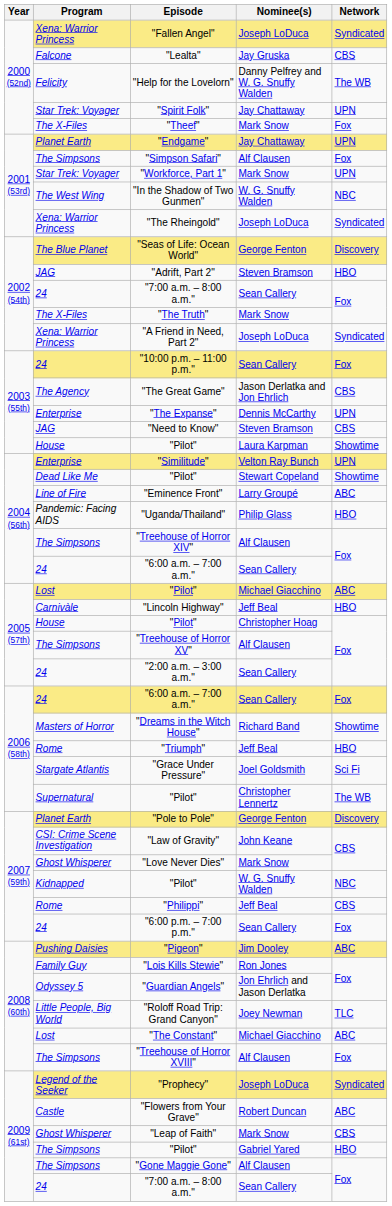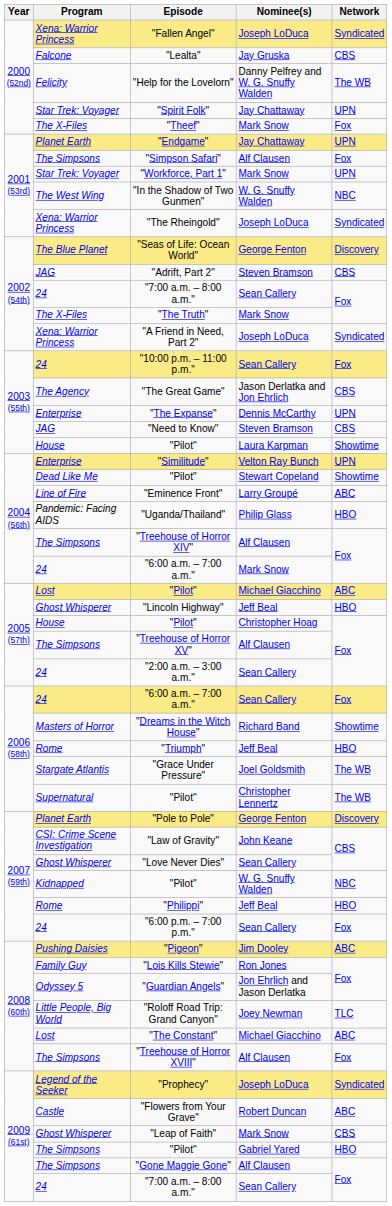 <table class="wikitable">
 <tr>
 <th width="5%">Year</th>
 <th width="30%">Program</th>
 <th width="30%">Episode</th>
 <th width="30%">Nominee(s)</th>
 <th width="5%">Network</th>
 </tr>
 <tr>
 <td rowspan="5" style="text-align:center;"><a href='#'>2000</a><br><small><a href='#'>(52nd)</a></small></td>
 <td style="background:#FAEB86;"><em><a href='#'>Xena: Warrior Princess</a></em></td>
 <td style="background:#FAEB86;" align=center>"Fallen Angel"</td>
 <td style="background:#FAEB86;"><a href='#'>Joseph LoDuca</a></td>
 <td style="background:#FAEB86;"><a href='#'>Syndicated</a></td>
 </tr>
 <tr>
 <td><em><a href='#'>Falcone</a></em></td>
 <td align=center>"Lealta"</td>
 <td><a href='#'>Jay Gruska</a></td>
 <td><a href='#'>CBS</a></td>
 </tr>
 <tr>
 <td><em><a href='#'>Felicity</a></em></td>
 <td align=center>"Help for the Lovelorn"</td>
 <td>Danny Pelfrey and <a href='#'>W. G. Snuffy Walden</a></td>
 <td><a href='#'>The WB</a></td>
 </tr>
 <tr>
 <td><em><a href='#'>Star Trek: Voyager</a></em></td>
 <td align=center>"<a href='#'>Spirit Folk</a>"</td>
 <td><a href='#'>Jay Chattaway</a></td>
 <td><a href='#'>UPN</a></td>
 </tr>
 <tr>
 <td><em><a href='#'>The X-Files</a></em></td>
 <td align=center>"<a href='#'>Theef</a>"</td>
 <td><a href='#'>Mark Snow</a></td>
 <td><a href='#'>Fox</a></td>
 </tr>
 <tr>
 <td rowspan="5" style="text-align:center;"><a href='#'>2001</a><br><small><a href='#'>(53rd)</a></small></td>
 <td style="background:#FAEB86;"><em><a href='#'>Planet Earth</a></em></td>
 <td style="background:#FAEB86;" align=center>"<a href='#'>Endgame</a>"</td>
 <td style="background:#FAEB86;"><a href='#'>Jay Chattaway</a></td>
 <td style="background:#FAEB86;"><a href='#'>UPN</a></td>
 </tr>
 <tr>
 <td><em><a href='#'>The Simpsons</a></em></td>
 <td align=center>"<a href='#'>Simpson Safari</a>"</td>
 <td><a href='#'>Alf Clausen</a></td>
 <td><a href='#'>Fox</a></td>
 </tr>
 <tr>
 <td><em><a href='#'>Star Trek: Voyager</a></em></td>
 <td align=center>"<a href='#'>Workforce, Part 1</a>"</td>
 <td><a href='#'>Mark Snow</a></td>
 <td><a href='#'>UPN</a></td>
 </tr>
 <tr>
 <td><em><a href='#'>The West Wing</a></em></td>
 <td align=center>"In the Shadow of Two Gunmen"</td>
 <td><a href='#'>W. G. Snuffy Walden</a></td>
 <td><a href='#'>NBC</a></td>
 </tr>
 <tr>
 <td><em><a href='#'>Xena: Warrior Princess</a></em></td>
 <td align=center>"The Rheingold"</td>
 <td><a href='#'>Joseph LoDuca</a></td>
 <td><a href='#'>Syndicated</a></td>
 </tr>
 <tr>
 <td rowspan="5" style="text-align:center;"><a href='#'>2002</a><br><small><a href='#'>(54th)</a></small></td>
 <td style="background:#FAEB86;"><em><a href='#'>The Blue Planet</a></em></td>
 <td style="background:#FAEB86;" align=center>"Seas of Life: Ocean World"</td>
 <td style="background:#FAEB86;"><a href='#'>George Fenton</a></td>
 <td style="background:#FAEB86;"><a href='#'>Discovery</a></td>
 </tr>
 <tr>
 <td><em><a href='#'>JAG</a></em></td>
 <td align=center>"Adrift, Part 2"</td>
 <td><a href='#'>Steven Bramson</a></td>
-<td><a href='#'>HBO</a></td>
+<td><a href='#'>CBS</a></td>
 </tr>
 <tr>
 <td><em><a href='#'>24</a></em></td>
 <td align=center>"7:00 a.m. – 8:00 a.m."</td>
 <td><a href='#'>Sean Callery</a></td>
 <td rowspan=2><a href='#'>Fox</a></td>
 </tr>
 <tr>
 <td><em><a href='#'>The X-Files</a></em></td>
 <td align=center>"<a href='#'>The Truth</a>"</td>
 <td><a href='#'>Mark Snow</a></td>
 </tr>
 <tr>
 <td><em><a href='#'>Xena: Warrior Princess</a></em></td>
 <td align=center>"A Friend in Need, Part 2"</td>
 <td><a href='#'>Joseph LoDuca</a></td>
 <td><a href='#'>Syndicated</a></td>
 </tr>
 <tr>
 <td rowspan="5" style="text-align:center;"><a href='#'>2003</a><br><small><a href='#'>(55th)</a></small></td>
 <td style="background:#FAEB86;"><em><a href='#'>24</a></em></td>
 <td style="background:#FAEB86;" align=center>"10:00 p.m. – 11:00 p.m."</td>
 <td style="background:#FAEB86;"><a href='#'>Sean Callery</a></td>
 <td style="background:#FAEB86;"><a href='#'>Fox</a></td>
 </tr>
 <tr>
 <td><em><a href='#'>The Agency</a></em></td>
 <td align=center>"The Great Game"</td>
 <td>Jason Derlatka and <a href='#'>Jon Ehrlich</a></td>
 <td><a href='#'>CBS</a></td>
 </tr>
 <tr>
 <td><em><a href='#'>Enterprise</a></em></td>
 <td align=center>"<a href='#'>The Expanse</a>"</td>
 <td><a href='#'>Dennis McCarthy</a></td>
 <td><a href='#'>UPN</a></td>
 </tr>
 <tr>
 <td><em><a href='#'>JAG</a></em></td>
 <td align=center>"Need to Know"</td>
 <td><a href='#'>Steven Bramson</a></td>
 <td><a href='#'>CBS</a></td>
 </tr>
 <tr>
 <td><em><a href='#'>House</a></em></td>
 <td align=center>"Pilot"</td>
 <td><a href='#'>Laura Karpman</a></td>
 <td><a href='#'>Showtime</a></td>
 </tr>
 <tr>
 <td rowspan="6" style="text-align:center;"><a href='#'>2004</a><br><small><a href='#'>(56th)</a></small></td>
 <td style="background:#FAEB86;"><em><a href='#'>Enterprise</a></em></td>
 <td style="background:#FAEB86;" align=center>"<a href='#'>Similitude</a>"</td>
 <td style="background:#FAEB86;"><a href='#'>Velton Ray Bunch</a></td>
 <td style="background:#FAEB86;"><a href='#'>UPN</a></td>
 </tr>
 <tr>
 <td><em><a href='#'>Dead Like Me</a></em></td>
 <td align=center>"Pilot"</td>
 <td><a href='#'>Stewart Copeland</a></td>
 <td><a href='#'>Showtime</a></td>
 </tr>
 <tr>
 <td><em><a href='#'>Line of Fire</a></em></td>
 <td align=center>"Eminence Front"</td>
 <td><a href='#'>Larry Groupé</a></td>
 <td><a href='#'>ABC</a></td>
 </tr>
 <tr>
 <td><em>Pandemic: Facing AIDS</em></td>
 <td align=center>"Uganda/Thailand"</td>
 <td><a href='#'>Philip Glass</a></td>
 <td><a href='#'>HBO</a></td>
 </tr>
 <tr>
 <td><em><a href='#'>The Simpsons</a></em></td>
 <td align=center>"<a href='#'>Treehouse of Horror XIV</a>"</td>
 <td><a href='#'>Alf Clausen</a></td>
 <td rowspan=2><a href='#'>Fox</a></td>
 </tr>
 <tr>
 <td><em><a href='#'>24</a></em></td>
 <td align=center>"6:00 a.m. – 7:00 a.m."</td>
-<td><a href='#'>Sean Callery</a></td>
+<td><a href='#'>Mark Snow</a></td>
 </tr>
 <tr>
 <td rowspan="5" style="text-align:center;"><a href='#'>2005</a><br><small><a href='#'>(57th)</a></small></td>
 <td style="background:#FAEB86;"><em><a href='#'>Lost</a></em></td>
 <td style="background:#FAEB86;" align=center>"<a href='#'>Pilot</a>"</td>
 <td style="background:#FAEB86;"><a href='#'>Michael Giacchino</a></td>
 <td style="background:#FAEB86;"><a href='#'>ABC</a></td>
 </tr>
 <tr>
-<td><em><a href='#'>Carnivàle</a></em></td>
+<td><em><a href='#'>Ghost Whisperer</a></em></td>
 <td align=center>"Lincoln Highway"</td>
 <td><a href='#'>Jeff Beal</a></td>
 <td><a href='#'>HBO</a></td>
 </tr>
 <tr>
 <td><em><a href='#'>House</a></em></td>
 <td align=center>"<a href='#'>Pilot</a>"</td>
 <td><a href='#'>Christopher Hoag</a></td>
 <td rowspan=3><a href='#'>Fox</a></td>
 </tr>
 <tr>
 <td><em><a href='#'>The Simpsons</a></em></td>
 <td align=center>"<a href='#'>Treehouse of Horror XV</a>"</td>
 <td><a href='#'>Alf Clausen</a></td>
 </tr>
 <tr>
 <td><em><a href='#'>24</a></em></td>
 <td align=center>"2:00 a.m. – 3:00 a.m."</td>
 <td><a href='#'>Sean Callery</a></td>
 </tr>
 <tr>
 <td rowspan="5" style="text-align:center;"><a href='#'>2006</a><br><small><a href='#'>(58th)</a></small></td>
 <td style="background:#FAEB86;"><em><a href='#'>24</a></em></td>
 <td style="background:#FAEB86;" align=center>"6:00 a.m. – 7:00 a.m."</td>
 <td style="background:#FAEB86;"><a href='#'>Sean Callery</a></td>
 <td style="background:#FAEB86;"><a href='#'>Fox</a></td>
 </tr>
 <tr>
 <td><em><a href='#'>Masters of Horror</a></em></td>
 <td align=center>"<a href='#'>Dreams in the Witch House</a>"</td>
 <td><a href='#'>Richard Band</a></td>
 <td><a href='#'>Showtime</a></td>
 </tr>
 <tr>
 <td><em><a href='#'>Rome</a></em></td>
 <td align=center>"<a href='#'>Triumph</a>"</td>
 <td><a href='#'>Jeff Beal</a></td>
 <td><a href='#'>HBO</a></td>
 </tr>
 <tr>
 <td><em><a href='#'>Stargate Atlantis</a></em></td>
 <td align=center>"Grace Under Pressure"</td>
 <td><a href='#'>Joel Goldsmith</a></td>
-<td><a href='#'>Sci Fi</a></td>
+<td><a href='#'>The WB</a></td>
 </tr>
 <tr>
 <td><em><a href='#'>Supernatural</a></em></td>
 <td align=center>"Pilot"</td>
 <td><a href='#'>Christopher Lennertz</a></td>
 <td><a href='#'>The WB</a></td>
 </tr>
 <tr>
 <td rowspan="6" style="text-align:center;"><a href='#'>2007</a><br><small><a href='#'>(59th)</a></small></td>
 <td style="background:#FAEB86;"><em><a href='#'>Planet Earth</a></em></td>
 <td style="background:#FAEB86;" align=center>"Pole to Pole"</td>
 <td style="background:#FAEB86;"><a href='#'>George Fenton</a></td>
 <td style="background:#FAEB86;"><a href='#'>Discovery</a></td>
 </tr>
 <tr>
 <td><em><a href='#'>CSI: Crime Scene Investigation</a></em></td>
 <td align=center>"Law of Gravity"</td>
 <td><a href='#'>John Keane</a></td>
 <td rowspan=2><a href='#'>CBS</a></td>
 </tr>
 <tr>
 <td><em><a href='#'>Ghost Whisperer</a></em></td>
 <td align=center>"Love Never Dies"</td>
-<td><a href='#'>Mark Snow</a></td>
+<td><a href='#'>Sean Callery</a></td>
 </tr>
 <tr>
 <td><em><a href='#'>Kidnapped</a></em></td>
 <td align=center>"Pilot"</td>
 <td><a href='#'>W. G. Snuffy Walden</a></td>
 <td><a href='#'>NBC</a></td>
 </tr>
 <tr>
 <td><em><a href='#'>Rome</a></em></td>
 <td align=center>"<a href='#'>Philippi</a>"</td>
 <td><a href='#'>Jeff Beal</a></td>
-<td><a href='#'>CBS</a></td>
+<td><a href='#'>HBO</a></td>
 </tr>
 <tr>
 <td><em><a href='#'>24</a></em></td>
 <td align=center>"6:00 p.m. – 7:00 p.m."</td>
 <td><a href='#'>Sean Callery</a></td>
 <td><a href='#'>Fox</a></td>
 </tr>
 <tr>
 <td rowspan="6" style="text-align:center;"><a href='#'>2008</a><br><small><a href='#'>(60th)</a></small></td>
 <td style="background:#FAEB86;"><em><a href='#'>Pushing Daisies</a></em></td>
 <td style="background:#FAEB86;" align=center>"<a href='#'>Pigeon</a>"</td>
 <td style="background:#FAEB86;"><a href='#'>Jim Dooley</a></td>
 <td style="background:#FAEB86;"><a href='#'>ABC</a></td>
 </tr>
 <tr>
 <td><em><a href='#'>Family Guy</a></em></td>
 <td align=center>"<a href='#'>Lois Kills Stewie</a>"</td>
 <td><a href='#'>Ron Jones</a></td>
 <td rowspan=2><a href='#'>Fox</a></td>
 </tr>
 <tr>
 <td><em><a href='#'>Odyssey 5</a></em></td>
 <td align=center>"<a href='#'>Guardian Angels</a>"</td>
 <td><a href='#'>Jon Ehrlich</a> and Jason Derlatka</td>
 </tr>
 <tr>
 <td><em><a href='#'>Little People, Big World</a></em></td>
 <td align=center>"Roloff Road Trip: Grand Canyon"</td>
 <td><a href='#'>Joey Newman</a></td>
 <td><a href='#'>TLC</a></td>
 </tr>
 <tr>
 <td><em><a href='#'>Lost</a></em></td>
 <td align=center>"<a href='#'>The Constant</a>"</td>
 <td><a href='#'>Michael Giacchino</a></td>
 <td><a href='#'>ABC</a></td>
 </tr>
 <tr>
 <td><em><a href='#'>The Simpsons</a></em></td>
 <td align=center>"<a href='#'>Treehouse of Horror XVIII</a>"</td>
 <td><a href='#'>Alf Clausen</a></td>
 <td><a href='#'>Fox</a></td>
 </tr>
 <tr>
 <td rowspan="6" style="text-align:center;"><a href='#'>2009</a><br><small><a href='#'>(61st)</a></small></td>
 <td style="background:#FAEB86;"><em><a href='#'>Legend of the Seeker</a></em></td>
 <td style="background:#FAEB86;" align=center>"Prophecy"</td>
 <td style="background:#FAEB86;"><a href='#'>Joseph LoDuca</a></td>
 <td style="background:#FAEB86;"><a href='#'>Syndicated</a></td>
 </tr>
 <tr>
 <td><em><a href='#'>Castle</a></em></td>
 <td align=center>"Flowers from Your Grave"</td>
 <td><a href='#'>Robert Duncan</a></td>
 <td><a href='#'>ABC</a></td>
 </tr>
 <tr>
 <td><em><a href='#'>Ghost Whisperer</a></em></td>
 <td align=center>"Leap of Faith"</td>
 <td><a href='#'>Mark Snow</a></td>
 <td><a href='#'>CBS</a></td>
 </tr>
 <tr>
 <td><em><a href='#'>The Simpsons</a></em></td>
 <td align=center>"Pilot"</td>
 <td><a href='#'>Gabriel Yared</a></td>
 <td><a href='#'>HBO</a></td>
 </tr>
 <tr>
 <td><em><a href='#'>The Simpsons</a></em></td>
 <td align=center>"<a href='#'>Gone Maggie Gone</a>"</td>
 <td><a href='#'>Alf Clausen</a></td>
 <td rowspan=2><a href='#'>Fox</a></td>
 </tr>
 <tr>
 <td><em><a href='#'>24</a></em></td>
 <td align=center>"7:00 a.m. – 8:00 a.m."</td>
 <td><a href='#'>Sean Callery</a></td>
 </tr>
 </table>
